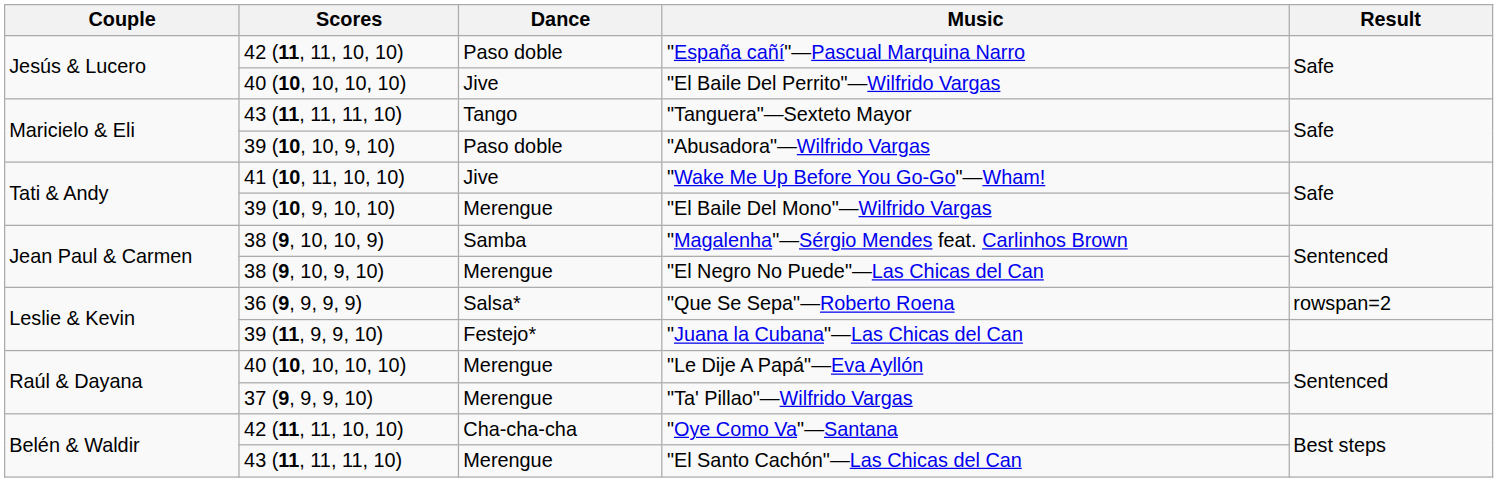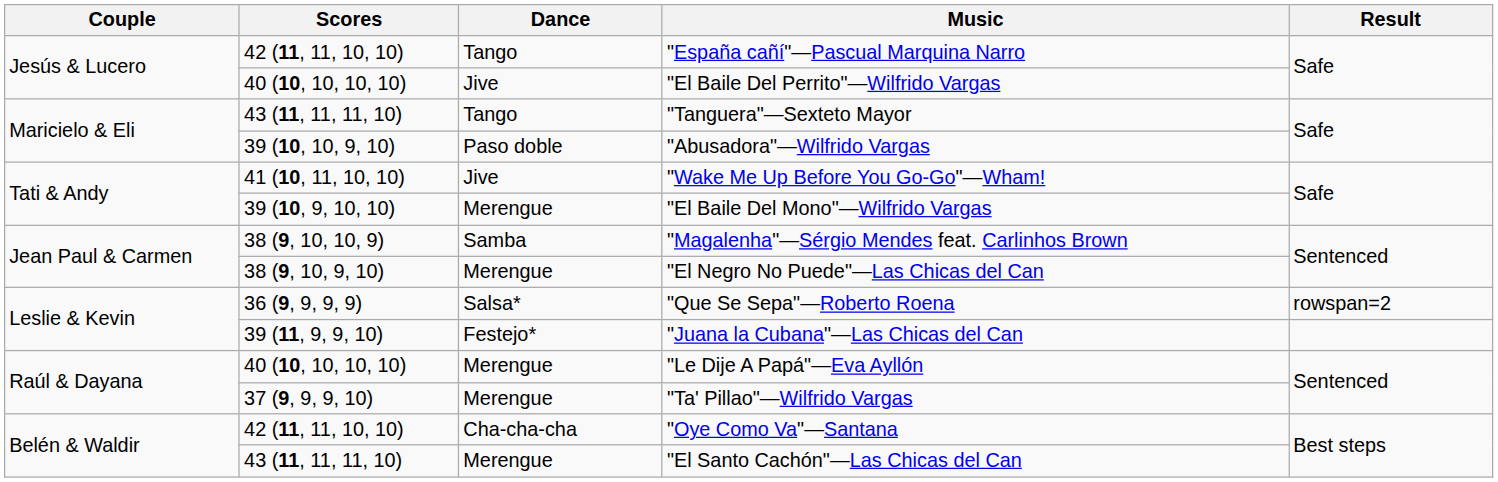 <table class="wikitable sortable" style="width:95%;">
 <tr>
 <th style="width:15%;">Couple</th>
 <th style="width:14%;">Scores</th>
 <th style="width:13%;">Dance</th>
 <th style="width:40%;">Music</th>
 <th style="width:13%;">Result</th>
 </tr>
 <tr>
 <td rowspan=2>Jesús & Lucero</td>
 <td>42 (<strong>11</strong>, 11, 10, 10)</td>
-<td>Paso doble</td>
+<td>Tango</td>
 <td>"<a href='#'>España cañí</a>"—<a href='#'>Pascual Marquina Narro</a></td>
 <td rowspan=2>Safe</td>
 </tr>
 <tr>
 <td>40 (<strong>10</strong>, 10, 10, 10)</td>
 <td>Jive</td>
 <td>"El Baile Del Perrito"—<a href='#'>Wilfrido Vargas</a></td>
 </tr>
 <tr>
 <td rowspan=2>Maricielo & Eli</td>
 <td>43 (<strong>11</strong>, 11, 11, 10)</td>
 <td>Tango</td>
 <td>"Tanguera"—Sexteto Mayor</td>
 <td rowspan=2>Safe</td>
 </tr>
 <tr>
 <td>39 (<strong>10</strong>, 10, 9, 10)</td>
 <td>Paso doble</td>
 <td>"Abusadora"—<a href='#'>Wilfrido Vargas</a></td>
 </tr>
 <tr>
 <td rowspan=2>Tati & Andy</td>
 <td>41 (<strong>10</strong>, 11, 10, 10)</td>
 <td>Jive</td>
 <td>"<a href='#'>Wake Me Up Before You Go-Go</a>"—<a href='#'>Wham!</a></td>
 <td rowspan=2>Safe</td>
 </tr>
 <tr>
 <td>39 (<strong>10</strong>, 9, 10, 10)</td>
 <td>Merengue</td>
 <td>"El Baile Del Mono"—<a href='#'>Wilfrido Vargas</a></td>
 </tr>
 <tr>
 <td rowspan=2>Jean Paul & Carmen</td>
 <td>38 (<strong>9</strong>, 10, 10, 9)</td>
 <td>Samba</td>
 <td>"<a href='#'>Magalenha</a>"—<a href='#'>Sérgio Mendes</a> feat. <a href='#'>Carlinhos Brown</a></td>
 <td rowspan=2>Sentenced</td>
 </tr>
 <tr>
 <td>38 (<strong>9</strong>, 10, 9, 10)</td>
 <td>Merengue</td>
 <td>"El Negro No Puede"—<a href='#'>Las Chicas del Can</a></td>
 </tr>
 <tr>
 <td rowspan=2>Leslie & Kevin</td>
 <td>36 (<strong>9</strong>, 9, 9, 9)</td>
 <td>Salsa*</td>
 <td>"Que Se Sepa"—<a href='#'>Roberto Roena</a></td>
 <td>rowspan=2 </td>
 </tr>
 <tr>
 <td>39 (<strong>11</strong>, 9, 9, 10)</td>
 <td>Festejo*</td>
 <td>"<a href='#'>Juana la Cubana</a>"—<a href='#'>Las Chicas del Can</a></td>
 </tr>
 <tr>
 <td rowspan=2>Raúl & Dayana</td>
 <td>40 (<strong>10</strong>, 10, 10, 10)</td>
 <td>Merengue</td>
 <td>"Le Dije A Papá"—<a href='#'>Eva Ayllón</a></td>
 <td rowspan=2>Sentenced</td>
 </tr>
 <tr>
 <td>37 (<strong>9</strong>, 9, 9, 10)</td>
 <td>Merengue</td>
 <td>"Ta' Pillao"—<a href='#'>Wilfrido Vargas</a></td>
 </tr>
 <tr>
 <td rowspan=2>Belén & Waldir</td>
 <td>42 (<strong>11</strong>, 11, 10, 10)</td>
 <td>Cha-cha-cha</td>
 <td>"<a href='#'>Oye Como Va</a>"—<a href='#'>Santana</a></td>
 <td rowspan=2>Best steps</td>
 </tr>
 <tr>
 <td>43 (<strong>11</strong>, 11, 11, 10)</td>
 <td>Merengue</td>
 <td>"El Santo Cachón"—<a href='#'>Las Chicas del Can</a></td>
 </tr>
 </table>
